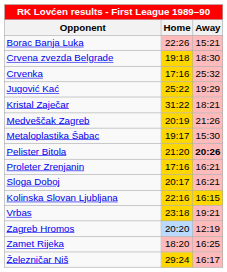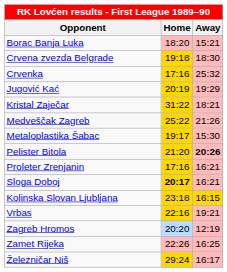 <table class="wikitable" style="text-align:center">
 <tr>
 <th colspan=10 style="background:red;color:white;">RK Lovćen results - First League 1989–90</th>
 </tr>
 <tr>
 <th width=250>Opponent</th>
 <th>Home</th>
 <th>Away</th>
 </tr>
 <tr>
 <td align=left><a href='#'>Borac Banja Luka</a></td>
-<td style="background:#ffbbbb;">22:26</td>
+<td style="background:#ffbbbb;">18:20</td>
 <td style="background:#ffbbbb;">15:21</td>
 </tr>
 <tr>
 <td align=left><a href='#'>Crvena zvezda Belgrade</a></td>
 <td style="background:gold">19:18</td>
 <td style="background:#ffbbbb;">18:30</td>
 </tr>
 <tr>
 <td align=left><a href='#'>Crvenka</a></td>
 <td style="background:gold">17:16</td>
 <td style="background:#ffbbbb;">25:32</td>
 </tr>
 <tr>
 <td align=left><a href='#'>Jugović Kać</a></td>
-<td style="background:gold">25:22</td>
+<td style="background:gold">20:19</td>
 <td style="background:#ffbbbb;">19:29</td>
 </tr>
 <tr>
 <td align=left><a href='#'>Kristal Zaječar</a></td>
 <td style="background:gold">31:22</td>
 <td style="background:#ffbbbb;">18:21</td>
 </tr>
 <tr>
 <td align=left><a href='#'>Medveščak Zagreb</a></td>
-<td style="background:gold">20:19</td>
+<td style="background:gold">25:22</td>
 <td style="background:#ffbbbb;">21:26</td>
 </tr>
 <tr>
 <td align=left><a href='#'>Metaloplastika Šabac</a></td>
 <td style="background:gold">19:17</td>
 <td style="background:#ffbbbb;">15:30</td>
 </tr>
 <tr>
 <td align=left><a href='#'>Pelister Bitola</a></td>
 <td style="background:gold">21:20</td>
 <td style="background:#ffbbbb;"><strong>20:26</strong></td>
 </tr>
 <tr>
 <td align=left><a href='#'>Proleter Zrenjanin</a></td>
 <td style="background:gold">17:16</td>
 <td style="background:#ffbbbb;">16:21</td>
 </tr>
 <tr>
 <td align=left><a href='#'>Sloga Doboj</a></td>
-<td style="background:gold">20:17</td>
+<td style="background:gold"><strong>20:17</strong></td>
 <td style="background:#ffbbbb;">16:21</td>
 </tr>
 <tr>
 <td align=left><a href='#'>Kolinska Slovan Ljubljana</a></td>
-<td style="background:gold">22:16</td>
+<td style="background:gold">23:18</td>
 <td style="background:gold">16:15</td>
 </tr>
 <tr>
 <td align=left><a href='#'>Vrbas</a></td>
-<td style="background:gold">23:18</td>
+<td style="background:gold">22:16</td>
 <td style="background:#ffbbbb;">19:21</td>
 </tr>
 <tr>
 <td align=left><a href='#'>Zagreb Hromos</a></td>
 <td style="background:#badaff">20:20</td>
 <td style="background:#ffbbbb;">12:19</td>
 </tr>
 <tr>
 <td align=left><a href='#'>Zamet Rijeka</a></td>
-<td style="background:#ffbbbb;">18:20</td>
+<td style="background:#ffbbbb;">22:26</td>
 <td style="background:#ffbbbb;">16:25</td>
 </tr>
 <tr>
 <td align=left><a href='#'>Železničar Niš</a></td>
 <td style="background:gold">29:24</td>
 <td style="background:#ffbbbb;">16:17</td>
 </tr>
 </table>
